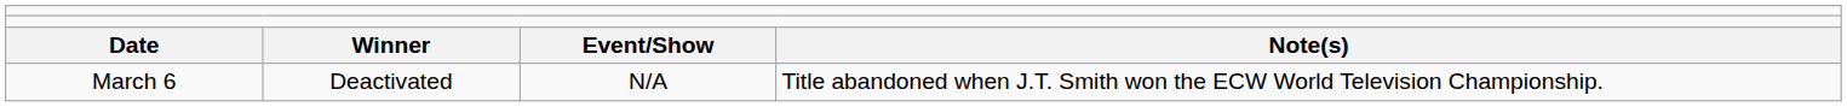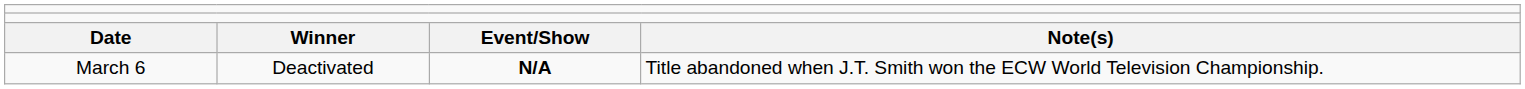 <table class="wikitable" style="text-align:center; width:100%;">
 <tr>
 <td colspan="5"></td>
 </tr>
 <tr>
 <td colspan="5"><strong></strong></td>
 </tr>
 <tr>
 <th width=14%>Date</th>
 <th width=14%>Winner</th>
 <th width=14%>Event/Show</th>
 <th width=58%>Note(s)</th>
 </tr>
 <tr>
 <td>March 6</td>
 <td>Deactivated</td>
-<td>N/A</td>
+<td><strong>N/A</strong></td>
 <td align=left>Title abandoned when J.T. Smith won the ECW World Television Championship.</td>
 </tr>
 </table>
